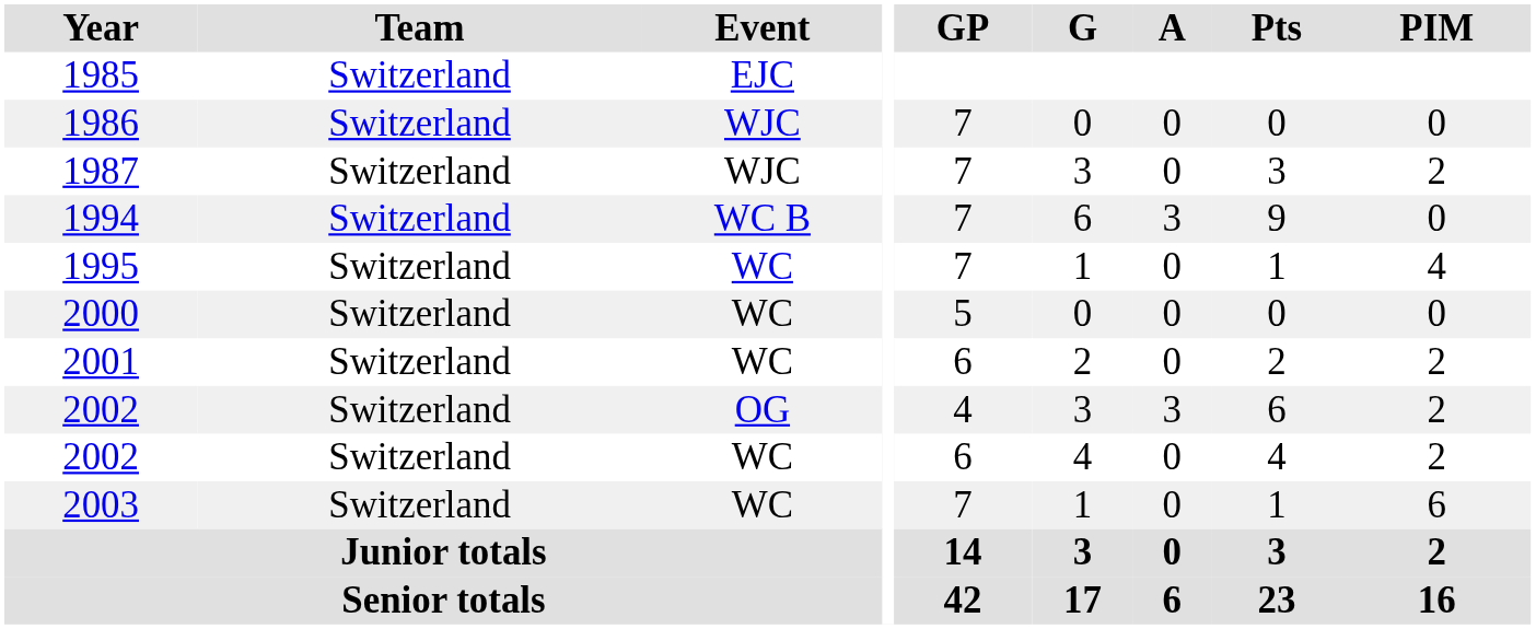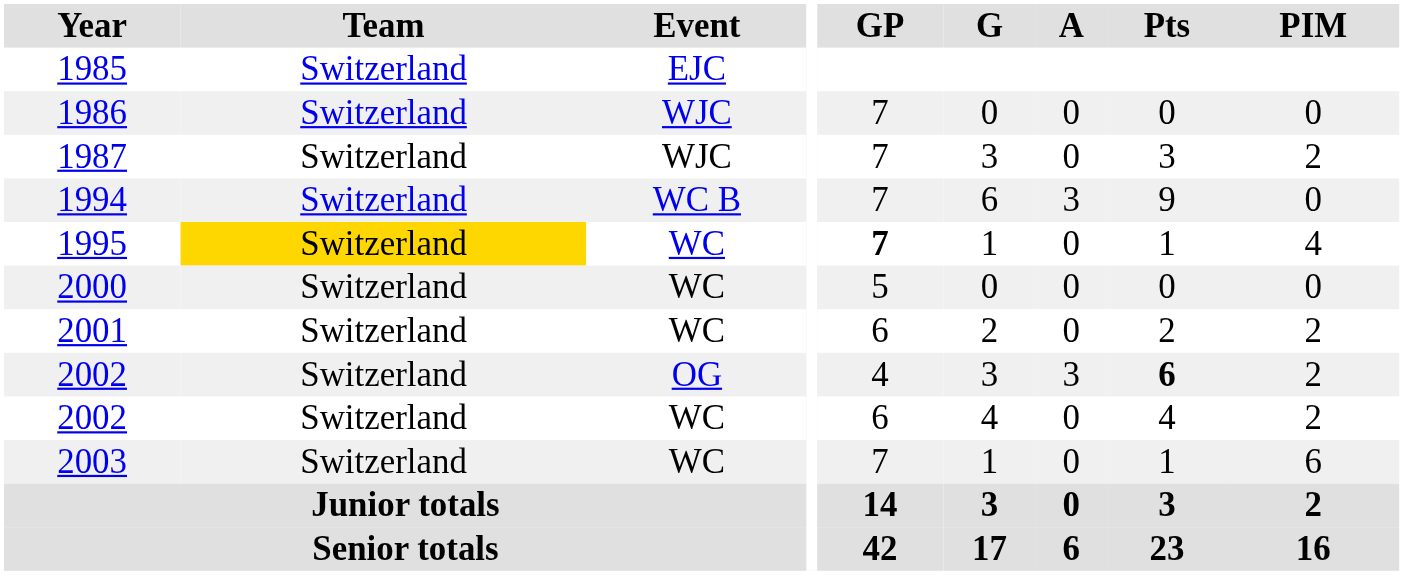 <table border="0" cellpadding="1" cellspacing="0" ID="Table3" style="text-align:center; width:40em">
 <tr ALIGN="center" bgcolor="#e0e0e0">
 <th>Year</th>
 <th>Team</th>
 <th>Event</th>
 <th rowspan="99" bgcolor="#ffffff"></th>
 <th>GP</th>
 <th>G</th>
 <th>A</th>
 <th>Pts</th>
 <th>PIM</th>
 </tr>
 <tr>
 <td><a href='#'>1985</a></td>
 <td><a href='#'>Switzerland</a></td>
 <td><a href='#'>EJC</a></td>
 <td></td>
 <td></td>
 <td></td>
 <td></td>
 <td></td>
 </tr>
 <tr bgcolor="#f0f0f0">
 <td><a href='#'>1986</a></td>
 <td><a href='#'>Switzerland</a></td>
 <td><a href='#'>WJC</a></td>
 <td>7</td>
 <td>0</td>
 <td>0</td>
 <td>0</td>
 <td>0</td>
 </tr>
 <tr>
 <td><a href='#'>1987</a></td>
 <td>Switzerland</td>
 <td>WJC</td>
 <td>7</td>
 <td>3</td>
 <td>0</td>
 <td>3</td>
 <td>2</td>
 </tr>
 <tr bgcolor="#f0f0f0">
 <td><a href='#'>1994</a></td>
 <td><a href='#'>Switzerland</a></td>
 <td><a href='#'>WC B</a></td>
 <td>7</td>
 <td>6</td>
 <td>3</td>
 <td>9</td>
 <td>0</td>
 </tr>
 <tr>
 <td><a href='#'>1995</a></td>
-<td>Switzerland</td>
+<td style="background: gold;">Switzerland</td>
 <td><a href='#'>WC</a></td>
-<td>7</td>
+<td><strong>7</strong></td>
 <td>1</td>
 <td>0</td>
 <td>1</td>
 <td>4</td>
 </tr>
 <tr bgcolor="#f0f0f0">
 <td><a href='#'>2000</a></td>
 <td>Switzerland</td>
 <td>WC</td>
 <td>5</td>
 <td>0</td>
 <td>0</td>
 <td>0</td>
 <td>0</td>
 </tr>
 <tr>
 <td><a href='#'>2001</a></td>
 <td>Switzerland</td>
 <td>WC</td>
 <td>6</td>
 <td>2</td>
 <td>0</td>
 <td>2</td>
 <td>2</td>
 </tr>
 <tr bgcolor="#f0f0f0">
 <td><a href='#'>2002</a></td>
 <td>Switzerland</td>
 <td><a href='#'>OG</a></td>
 <td>4</td>
 <td>3</td>
 <td>3</td>
-<td>6</td>
+<td><strong>6</strong></td>
 <td>2</td>
 </tr>
 <tr>
 <td><a href='#'>2002</a></td>
 <td>Switzerland</td>
 <td>WC</td>
 <td>6</td>
 <td>4</td>
 <td>0</td>
 <td>4</td>
 <td>2</td>
 </tr>
 <tr bgcolor="#f0f0f0">
 <td><a href='#'>2003</a></td>
 <td>Switzerland</td>
 <td>WC</td>
 <td>7</td>
 <td>1</td>
 <td>0</td>
 <td>1</td>
 <td>6</td>
 </tr>
 <tr bgcolor="#e0e0e0">
 <th colspan="3">Junior totals</th>
 <th>14</th>
 <th>3</th>
 <th>0</th>
 <th>3</th>
 <th>2</th>
 </tr>
 <tr bgcolor="#e0e0e0">
 <th colspan="3">Senior totals</th>
 <th>42</th>
 <th>17</th>
 <th>6</th>
 <th>23</th>
 <th>16</th>
 </tr>
 </table>
